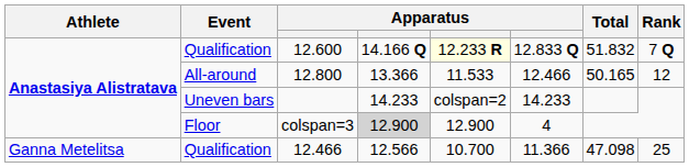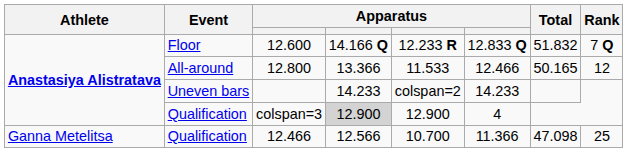 <table class="wikitable" style="text-align:center; font-size:90%">
 <tr>
 <th rowspan=2>Athlete</th>
 <th rowspan=2>Event</th>
 <th colspan=4>Apparatus</th>
 <th rowspan=2>Total</th>
 <th rowspan=2>Rank</th>
 </tr>
 <tr style="font-size:95%">
 <th></th>
 <th></th>
 <th></th>
 <th></th>
 </tr>
 <tr>
 <td rowspan=4 align=left><strong><a href='#'>Anastasiya Alistratava</a></strong></td>
-<td align=left><a href='#'>Qualification</a></td>
+<td align=left><a href='#'>Floor</a></td>
 <td>12.600</td>
 <td>14.166 <strong>Q</strong></td>
-<td style="background: lightyellow;">12.233 <strong>R</strong></td>
+<td>12.233 <strong>R</strong></td>
 <td>12.833 <strong>Q</strong></td>
 <td>51.832</td>
 <td>7 <strong>Q</strong></td>
 </tr>
 <tr>
 <td align=left><a href='#'>All-around</a></td>
 <td>12.800</td>
 <td>13.366</td>
 <td>11.533</td>
 <td>12.466</td>
 <td>50.165</td>
 <td>12</td>
 </tr>
 <tr>
 <td align=left><a href='#'>Uneven bars</a></td>
 <td></td>
 <td>14.233</td>
 <td>colspan=2 </td>
 <td>14.233</td>
 <td></td>
 </tr>
 <tr>
-<td align=left><a href='#'>Floor</a></td>
+<td align=left><a href='#'>Qualification</a></td>
 <td>colspan=3 </td>
 <td style="background: lightgrey;">12.900</td>
 <td>12.900</td>
 <td>4</td>
 </tr>
 <tr>
 <td rowspan=5 align=left><a href='#'>Ganna Metelitsa</a></td>
 <td align=left><a href='#'>Qualification</a></td>
 <td>12.466</td>
 <td>12.566</td>
 <td>10.700</td>
 <td>11.366</td>
 <td>47.098</td>
 <td>25</td>
 </tr>
 </table>
